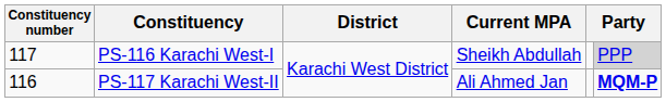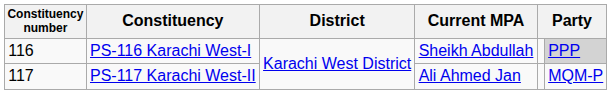 <table class="wikitable">
 <tr>
 <th width="50px" style="font-size:75%">Constituency number</th>
 <th>Constituency</th>
 <th>District</th>
 <th>Current MPA</th>
 <th colspan="2">Party</th>
 </tr>
 <tr>
-<td>117</td>
+<td>116</td>
 <td><a href='#'>PS-116 Karachi West-I</a></td>
 <td rowspan="2"><a href='#'> Karachi West District</a></td>
 <td><a href='#'>Sheikh Abdullah</a></td>
 <td></td>
 <td style="background: lightgrey;"><a href='#'>PPP</a></td>
 </tr>
 <tr>
-<td>116</td>
+<td>117</td>
 <td><a href='#'>PS-117 Karachi West-II</a></td>
 <td><a href='#'>Ali Ahmed Jan</a></td>
 <td></td>
-<td><strong><a href='#'>MQM-P</a></strong></td>
+<td><a href='#'>MQM-P</a></td>
 </tr>
 </table>
